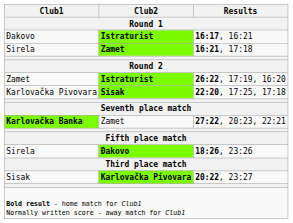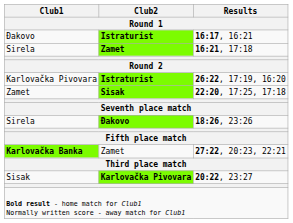 <table class="wikitable">
 <tr>
 <th>Club1</th>
 <th>Club2</th>
 <th>Results</th>
 </tr>
 <tr>
 <th colspan="3">Round 1</th>
 </tr>
 <tr>
 <td>Đakovo</td>
 <td bgcolor="lawngreen"><strong>Istraturist</strong></td>
 <td><strong>16:17</strong>, 16:21</td>
 </tr>
 <tr>
 <td>Sirela</td>
 <td bgcolor="lawngreen"><strong>Zamet</strong></td>
 <td><strong>16:21</strong>, 17:18</td>
 </tr>
 <tr>
 <th colspan="3"></th>
 </tr>
 <tr>
 <th colspan="3">Round 2</th>
 </tr>
 <tr>
-<td>Zamet</td>
+<td>Karlovačka Pivovara</td>
 <td bgcolor="lawngreen"><strong>Istraturist</strong></td>
 <td><strong>26:22</strong>, 17:19, 16:20</td>
 </tr>
 <tr>
-<td>Karlovačka Pivovara</td>
+<td>Zamet</td>
 <td bgcolor="lawngreen"><strong>Sisak</strong></td>
 <td><strong>22:20</strong>, 17:25, 17:18</td>
 </tr>
 <tr>
 <th colspan="3"></th>
 </tr>
 <tr>
 <th colspan="3">Seventh place match</th>
 </tr>
 <tr>
-<td bgcolor="lawngreen"><strong>Karlovačka Banka</strong></td>
-<td>Zamet</td>
-<td><strong>27:22</strong>, 20:23, 22:21</td>
+<td>Sirela</td>
+<td bgcolor="lawngreen"><strong>Đakovo</strong></td>
+<td><strong>18:26</strong>, 23:26</td>
 </tr>
 <tr>
 <th colspan="3"></th>
 </tr>
 <tr>
 <th colspan="3">Fifth place match</th>
 </tr>
 <tr>
-<td>Sirela</td>
-<td bgcolor="lawngreen"><strong>Đakovo</strong></td>
-<td><strong>18:26</strong>, 23:26</td>
+<td bgcolor="lawngreen"><strong>Karlovačka Banka</strong></td>
+<td>Zamet</td>
+<td><strong>27:22</strong>, 20:23, 22:21</td>
 </tr>
 <tr>
 <th colspan="3">Third place match</th>
 </tr>
 <tr>
 <td>Sisak</td>
 <td bgcolor="lawngreen"><strong>Karlovačka Pivovara</strong></td>
 <td><strong>20:22</strong>, 23:27</td>
 </tr>
 <tr>
 <th colspan="3"></th>
 </tr>
 <tr>
 <td colspan="3"><br><small><strong>Bold result</strong> - home match for <em>Club1</em></small><br> <small>Normally written score - away match for <em>Club1</em> </small></td>
 </tr>
 </table>
